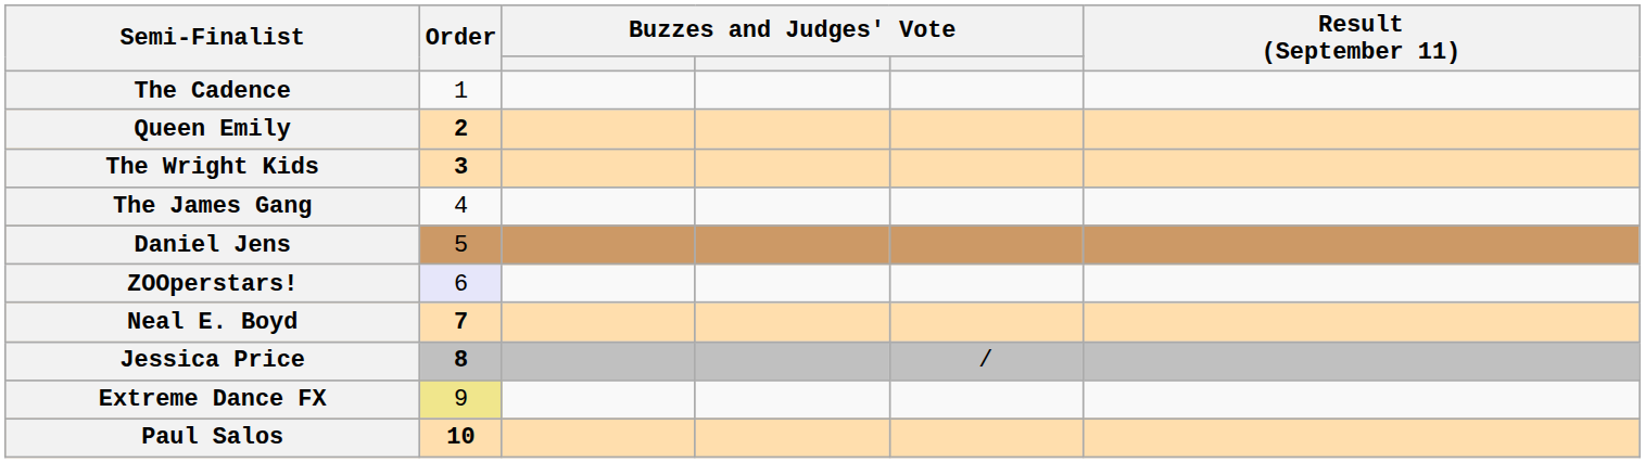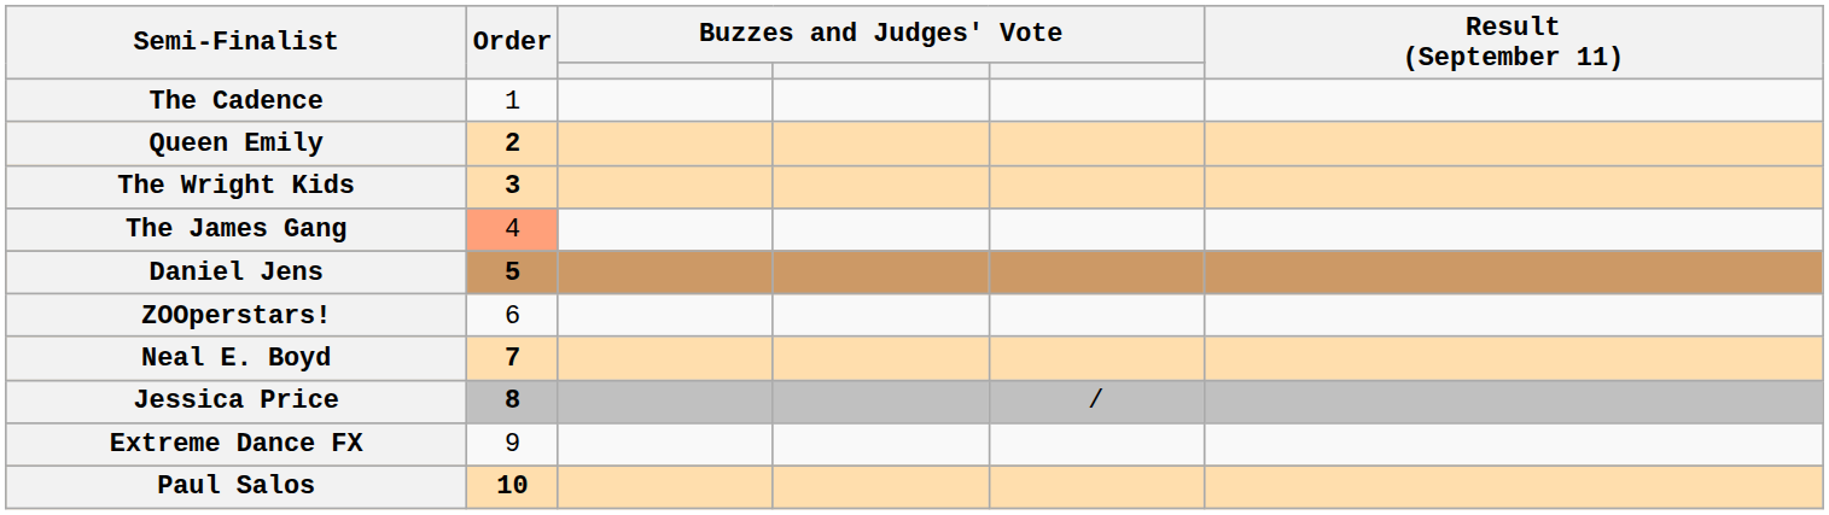 <table class="wikitable plainrowheaders sortable" style="text-align:center;">
 <tr>
 <th scope="col" rowspan="2" class="unsortable" style="width:17em;">Semi-Finalist</th>
 <th scope="col" rowspan="2" style="width:1em;">Order</th>
 <th scope="col" colspan="3" class="unsortable" style="width:24em;">Buzzes and Judges' Vote</th>
 <th scope="col" rowspan="2" style="width:23em;">Result <br> (September 11)</th>
 </tr>
 <tr>
 <th scope="col" class="unsortable" style="width:6em;"></th>
 <th scope="col" class="unsortable" style="width:6em;"></th>
 <th scope="col" class="unsortable" style="width:6em;"></th>
 </tr>
 <tr>
 <th scope="row">The Cadence</th>
 <td>1</td>
 <td style="text-align:center;"></td>
 <td style="text-align:center;"></td>
 <td style="text-align:center;"></td>
 <td></td>
 </tr>
 <tr style="background:NavajoWhite;">
 <th scope="row"><strong>Queen Emily</strong></th>
 <td><strong>2</strong></td>
 <td style="text-align:center;"></td>
 <td style="text-align:center;"></td>
 <td style="text-align:center;"></td>
 <td><strong></strong></td>
 </tr>
 <tr style="background:NavajoWhite;">
 <th scope="row"><strong>The Wright Kids</strong></th>
 <td><strong>3</strong></td>
 <td style="text-align:center;"></td>
 <td style="text-align:center;"></td>
 <td style="text-align:center;"></td>
 <td><strong></strong></td>
 </tr>
 <tr>
 <th scope="row">The James Gang</th>
-<td>4</td>
+<td style="background: lightsalmon;">4</td>
 <td style="text-align:center;"></td>
 <td style="text-align:center;"></td>
 <td style="text-align:center;"></td>
 <td></td>
 </tr>
 <tr style="background:#c96;">
 <th scope="row">Daniel Jens</th>
-<td>5</td>
+<td><strong>5</strong></td>
 <td style="text-align:center;"></td>
 <td style="text-align:center;"></td>
 <td style="text-align:center;"></td>
 <td></td>
 </tr>
 <tr>
 <th scope="row">ZOOperstars!</th>
-<td style="background: lavender;">6</td>
+<td>6</td>
 <td style="text-align:center;"></td>
 <td style="text-align:center;"></td>
 <td style="text-align:center;"></td>
 <td></td>
 </tr>
 <tr style="background:NavajoWhite;">
 <th scope="row"><strong>Neal E. Boyd</strong></th>
 <td><strong>7</strong></td>
 <td style="text-align:center;"></td>
 <td style="text-align:center;"></td>
 <td style="text-align:center;"></td>
 <td><strong></strong></td>
 </tr>
 <tr style="background:silver;">
 <th scope="row"><strong>Jessica Price</strong></th>
 <td><strong>8</strong></td>
 <td style="text-align:center;"></td>
 <td style="text-align:center;"></td>
 <td style="text-align:center;"> / </td>
 <td><strong></strong></td>
 </tr>
 <tr>
 <th scope="row">Extreme Dance FX</th>
-<td style="background: khaki;">9</td>
+<td>9</td>
 <td style="text-align:center;"></td>
 <td style="text-align:center;"></td>
 <td style="text-align:center;"></td>
 <td></td>
 </tr>
 <tr style="background:NavajoWhite;">
 <th scope="row"><strong>Paul Salos</strong></th>
 <td><strong>10</strong></td>
 <td style="text-align:center;"></td>
 <td style="text-align:center;"></td>
 <td style="text-align:center;"></td>
 <td><strong></strong></td>
 </tr>
 </table>
